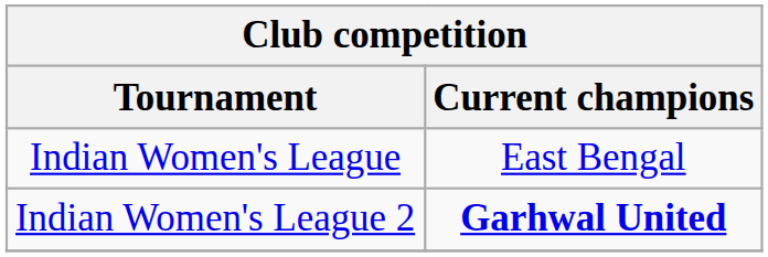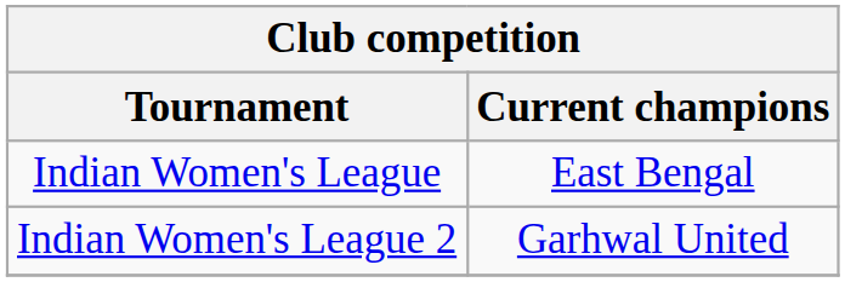 <table class="wikitable" style="text-align:center;margin-left:1em;float:center">
 <tr>
 <th colspan="3">Club competition</th>
 </tr>
 <tr>
 <th>Tournament</th>
 <th>Current champions</th>
 </tr>
 <tr>
 <td><a href='#'>Indian Women's League</a></td>
 <td><a href='#'>East Bengal</a></td>
 </tr>
 <tr>
 <td><a href='#'>Indian Women's League 2</a></td>
-<td><strong><a href='#'>Garhwal United</a></strong></td>
+<td><a href='#'>Garhwal United</a></td>
 </tr>
 <tr>
 </tr>
 </table>
